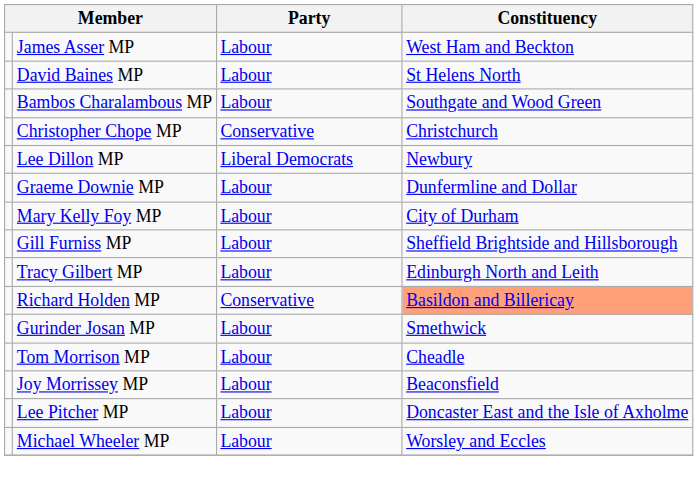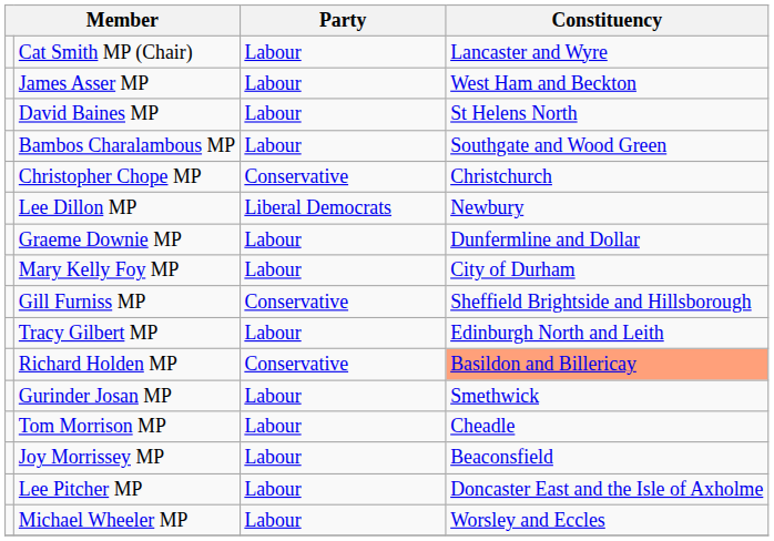 <table class="wikitable">
 <tr>
 <th width="160px" colspan="2" valign="top">Member</th>
 <th width="160px" valign="top">Party</th>
 <th valign="top">Constituency</th>
+</tr>
+<tr>
+<td style="color:inherit;background:"></td>
+<td><a href='#'>Cat Smith</a> MP (Chair)</td>
+<td><a href='#'>Labour</a></td>
+<td><a href='#'>Lancaster and Wyre</a></td>
 </tr>
 <tr>
 <td style="color:inherit;background:"></td>
 <td><a href='#'>James Asser</a> MP</td>
 <td><a href='#'>Labour</a></td>
 <td><a href='#'>West Ham and Beckton</a></td>
 </tr>
 <tr>
 <td style="color:inherit;background:"></td>
 <td><a href='#'>David Baines</a> MP</td>
 <td><a href='#'>Labour</a></td>
 <td><a href='#'>St Helens North</a></td>
 </tr>
 <tr>
 <td style="color:inherit;background:"></td>
 <td><a href='#'>Bambos Charalambous</a> MP</td>
 <td><a href='#'>Labour</a></td>
 <td><a href='#'>Southgate and Wood Green</a></td>
 </tr>
 <tr>
 <td style="color:inherit;background:"></td>
 <td><a href='#'>Christopher Chope</a> MP</td>
 <td><a href='#'>Conservative</a></td>
 <td><a href='#'>Christchurch</a></td>
 </tr>
 <tr>
 <td style="color:inherit;background:"></td>
 <td><a href='#'>Lee Dillon</a> MP</td>
 <td><a href='#'>Liberal Democrats</a></td>
 <td><a href='#'>Newbury</a></td>
 </tr>
 <tr>
 <td style="color:inherit;background:"></td>
 <td><a href='#'>Graeme Downie</a> MP</td>
 <td><a href='#'>Labour</a></td>
 <td><a href='#'>Dunfermline and Dollar</a></td>
 </tr>
 <tr>
 <td style="color:inherit;background:"></td>
 <td><a href='#'>Mary Kelly Foy</a> MP</td>
 <td><a href='#'>Labour</a></td>
 <td><a href='#'>City of Durham</a></td>
 </tr>
 <tr>
 <td style="color:inherit;background:"></td>
 <td><a href='#'>Gill Furniss</a> MP</td>
-<td><a href='#'>Labour</a></td>
+<td><a href='#'>Conservative</a></td>
 <td><a href='#'>Sheffield Brightside and Hillsborough</a></td>
 </tr>
 <tr>
 <td style="color:inherit;background:"></td>
 <td><a href='#'>Tracy Gilbert</a> MP</td>
 <td><a href='#'>Labour</a></td>
 <td><a href='#'>Edinburgh North and Leith</a></td>
 </tr>
 <tr>
 <td style="color:inherit;background:"></td>
 <td><a href='#'>Richard Holden</a> MP</td>
 <td><a href='#'>Conservative</a></td>
 <td style="background: lightsalmon;"><a href='#'>Basildon and Billericay</a></td>
 </tr>
 <tr>
 <td style="color:inherit;background:"></td>
 <td><a href='#'>Gurinder Josan</a> MP</td>
 <td><a href='#'>Labour</a></td>
 <td><a href='#'>Smethwick</a></td>
 </tr>
 <tr>
 <td style="color:inherit;background:"></td>
 <td><a href='#'>Tom Morrison</a> MP</td>
 <td><a href='#'>Labour</a></td>
 <td><a href='#'>Cheadle</a></td>
 </tr>
 <tr>
 <td style="color:inherit;background:"></td>
 <td><a href='#'>Joy Morrissey</a> MP</td>
 <td><a href='#'>Labour</a></td>
 <td><a href='#'>Beaconsfield</a></td>
 </tr>
 <tr>
 <td style="color:inherit;background:"></td>
 <td><a href='#'>Lee Pitcher</a> MP</td>
 <td><a href='#'>Labour</a></td>
 <td><a href='#'>Doncaster East and the Isle of Axholme</a></td>
 </tr>
 <tr>
 <td style="color:inherit;background:"></td>
 <td><a href='#'>Michael Wheeler</a> MP</td>
 <td><a href='#'>Labour</a></td>
 <td><a href='#'>Worsley and Eccles</a></td>
 </tr>
 <tr>
 </tr>
 </table>
